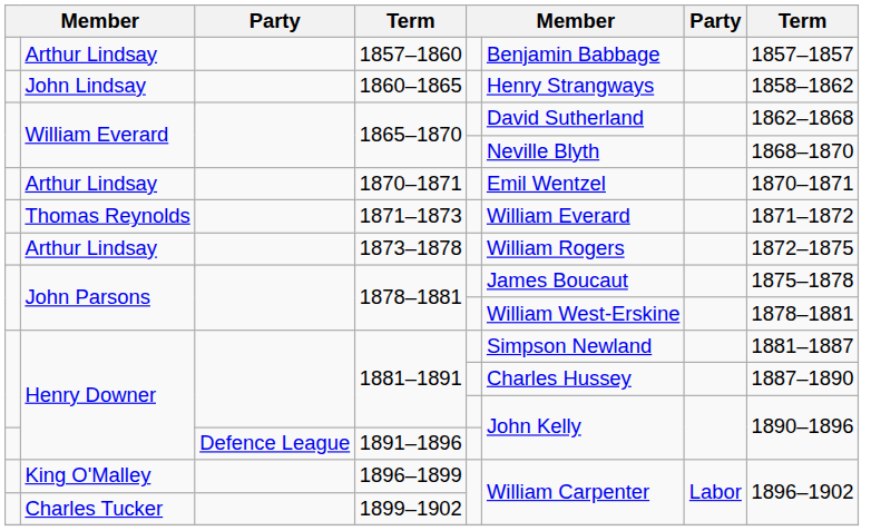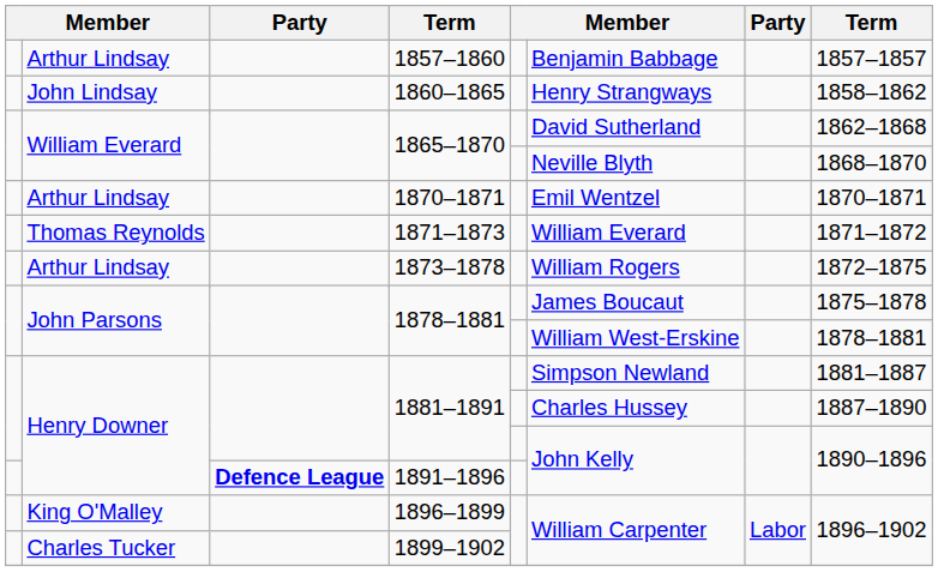 <table class="wikitable">
 <tr>
 <th colspan=2>Member</th>
 <th>Party</th>
 <th>Term</th>
 <th colspan=2>Member</th>
 <th>Party</th>
 <th>Term</th>
 </tr>
 <tr>
 <td rowspan=2 > </td>
 <td rowspan=2><a href='#'>Arthur Lindsay</a></td>
 <td rowspan=2></td>
 <td rowspan=2>1857–1860</td>
 <td> </td>
 <td><a href='#'>Benjamin Babbage</a></td>
 <td></td>
 <td>1857–1857</td>
 </tr>
 <tr>
 <td rowspan=2 > </td>
 <td rowspan=2><a href='#'>Henry Strangways</a></td>
 <td rowspan=2></td>
 <td rowspan=2>1858–1862</td>
 </tr>
 <tr>
 <td rowspan=2 > </td>
 <td rowspan=2><a href='#'>John Lindsay</a></td>
 <td rowspan=2></td>
 <td rowspan=2>1860–1865</td>
 </tr>
 <tr>
 <td rowspan=2 > </td>
 <td rowspan=2><a href='#'>David Sutherland</a></td>
 <td rowspan=2></td>
 <td rowspan=2>1862–1868</td>
 </tr>
 <tr>
 <td rowspan=2 > </td>
 <td rowspan=2><a href='#'>William Everard</a></td>
 <td rowspan=2></td>
 <td rowspan=2>1865–1870</td>
 </tr>
 <tr>
 <td> </td>
 <td><a href='#'>Neville Blyth</a></td>
 <td></td>
 <td>1868–1870</td>
 </tr>
 <tr>
 <td> </td>
 <td><a href='#'>Arthur Lindsay</a></td>
 <td></td>
 <td>1870–1871</td>
 <td> </td>
 <td><a href='#'>Emil Wentzel</a></td>
 <td></td>
 <td>1870–1871</td>
 </tr>
 <tr>
 <td rowspan=2 > </td>
 <td rowspan=2><a href='#'>Thomas Reynolds</a></td>
 <td rowspan=2></td>
 <td rowspan=2>1871–1873</td>
 <td> </td>
 <td><a href='#'>William Everard</a></td>
 <td></td>
 <td>1871–1872</td>
 </tr>
 <tr>
 <td rowspan=2 > </td>
 <td rowspan=2><a href='#'>William Rogers</a></td>
 <td rowspan=2></td>
 <td rowspan=2>1872–1875</td>
 </tr>
 <tr>
 <td rowspan=2 > </td>
 <td rowspan=2><a href='#'>Arthur Lindsay</a></td>
 <td rowspan=2></td>
 <td rowspan=2>1873–1878</td>
 </tr>
 <tr>
 <td rowspan=2 > </td>
 <td rowspan=2><a href='#'>James Boucaut</a></td>
 <td rowspan=2></td>
 <td rowspan=2>1875–1878</td>
 </tr>
 <tr>
 <td rowspan=2 > </td>
 <td rowspan=2><a href='#'>John Parsons</a></td>
 <td rowspan=2></td>
 <td rowspan=2>1878–1881</td>
 </tr>
 <tr>
 <td> </td>
 <td><a href='#'>William West-Erskine</a></td>
 <td></td>
 <td>1878–1881</td>
 </tr>
 <tr>
 <td rowspan=3 > </td>
 <td rowspan=4><a href='#'>Henry Downer</a></td>
 <td rowspan=3></td>
 <td rowspan=3>1881–1891</td>
 <td> </td>
 <td><a href='#'>Simpson Newland</a></td>
 <td></td>
 <td>1881–1887</td>
 </tr>
 <tr>
 <td> </td>
 <td><a href='#'>Charles Hussey</a></td>
 <td></td>
 <td>1887–1890</td>
 </tr>
 <tr>
 <td> </td>
 <td rowspan=2><a href='#'>John Kelly</a></td>
 <td rowspan=2></td>
 <td rowspan=2>1890–1896</td>
 </tr>
 <tr>
 <td> </td>
-<td><a href='#'>Defence League</a></td>
+<td><strong><a href='#'>Defence League</a></strong></td>
 <td>1891–1896</td>
 <td> </td>
 </tr>
 <tr>
 <td> </td>
 <td><a href='#'>King O'Malley</a></td>
 <td></td>
 <td>1896–1899</td>
 <td rowspan=2 > </td>
 <td rowspan=2><a href='#'>William Carpenter</a></td>
 <td rowspan=2><a href='#'>Labor</a></td>
 <td rowspan=2>1896–1902</td>
 </tr>
 <tr>
 <td> </td>
 <td><a href='#'>Charles Tucker</a></td>
 <td></td>
 <td>1899–1902</td>
 </tr>
 <tr>
 </tr>
 </table>
